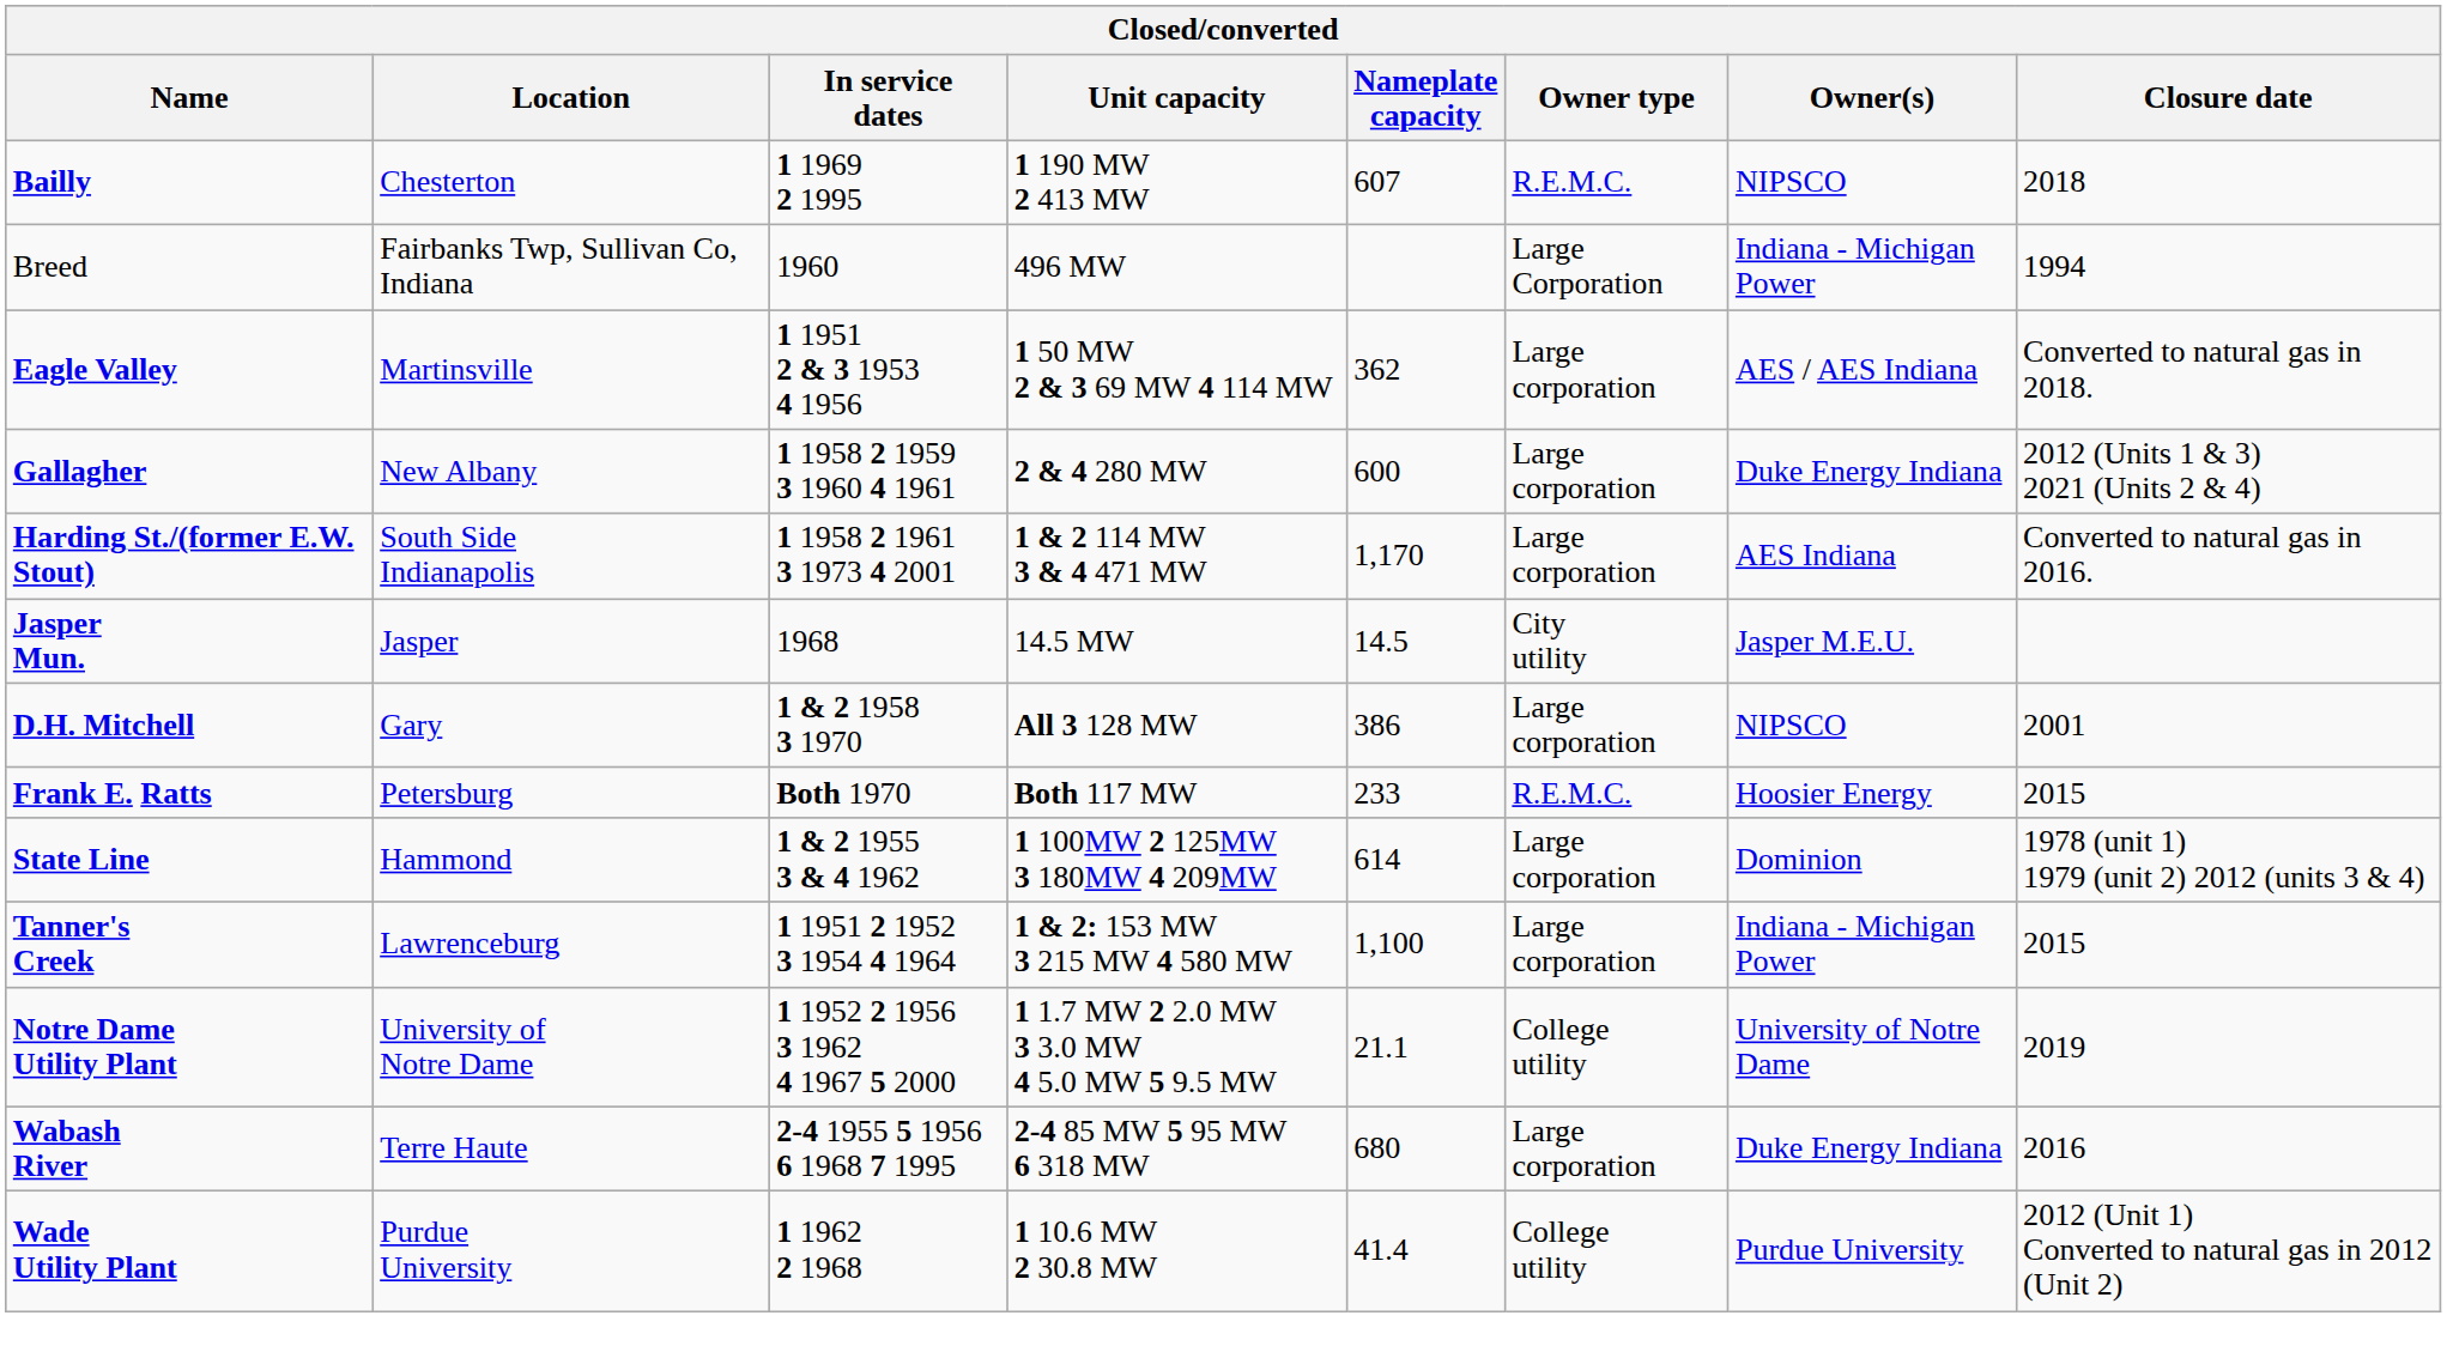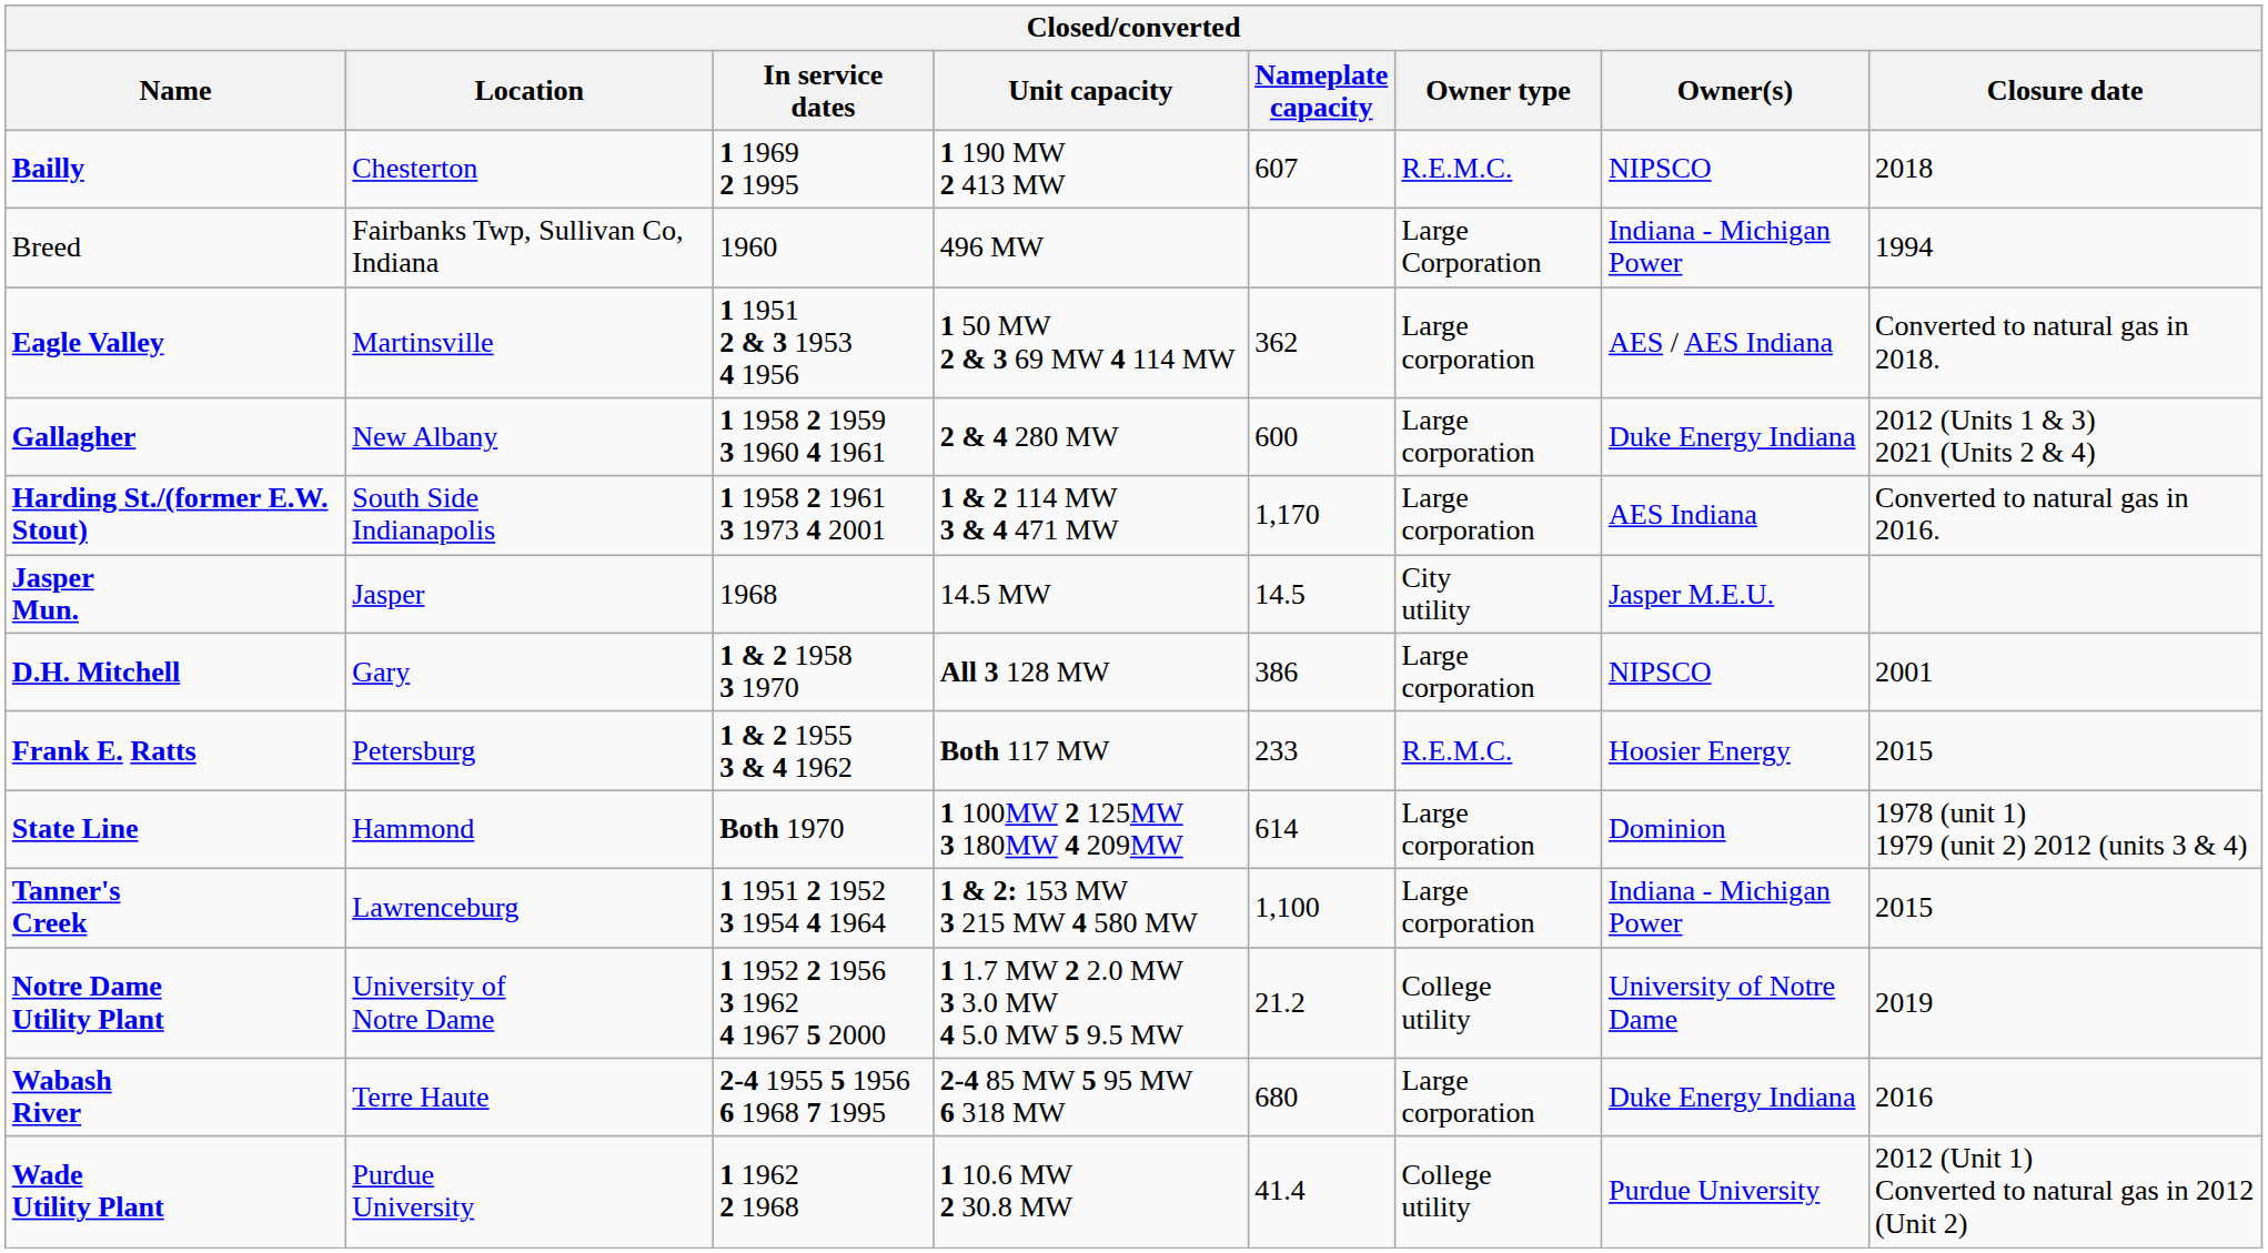 <table class="wikitable">
 <tr>
 <th colspan="8">Closed/converted</th>
 </tr>
 <tr>
 <th>Name</th>
 <th>Location</th>
 <th>In service<br>dates</th>
 <th>Unit capacity</th>
 <th><a href='#'>Nameplate</a><br><a href='#'>capacity</a></th>
 <th>Owner type</th>
 <th>Owner(s)</th>
 <th>Closure date</th>
 </tr>
 <tr>
 <td><strong><a href='#'>Bailly</a></strong></td>
 <td><a href='#'>Chesterton</a></td>
 <td><strong>1</strong> 1969<br><strong>2</strong> 1995</td>
 <td><strong>1</strong> 190 MW<br><strong>2</strong> 413 MW</td>
 <td>607</td>
 <td><a href='#'>R.E.M.C.</a></td>
 <td><a href='#'>NIPSCO</a></td>
 <td>2018</td>
 </tr>
 <tr>
 <td>Breed</td>
 <td>Fairbanks Twp, Sullivan Co, Indiana</td>
 <td>1960</td>
 <td>496 MW</td>
 <td></td>
 <td>Large Corporation</td>
 <td><a href='#'>Indiana - Michigan Power</a></td>
 <td>1994</td>
 </tr>
 <tr>
 <td><strong><a href='#'>Eagle Valley</a></strong></td>
 <td><a href='#'>Martinsville</a></td>
 <td><strong>1</strong> 1951 <br> <strong>2 & 3</strong> 1953 <strong>4</strong> 1956</td>
 <td><strong>1</strong> 50 MW <br> <strong>2 & 3</strong> 69 MW <strong>4</strong> 114 MW</td>
 <td>362</td>
 <td>Large <br> corporation</td>
 <td><a href='#'>AES</a> / <a href='#'>AES Indiana</a></td>
 <td>Converted to natural gas in 2018.</td>
 </tr>
 <tr>
 <td><strong><a href='#'>Gallagher</a></strong></td>
 <td><a href='#'>New Albany</a></td>
 <td><strong>1</strong> 1958 <strong>2</strong> 1959<br><strong>3</strong> 1960 <strong>4</strong> 1961</td>
 <td><strong>2 & 4</strong> 280 MW</td>
 <td>600</td>
 <td>Large<br>corporation</td>
 <td><a href='#'>Duke Energy Indiana</a></td>
 <td>2012 (Units 1 & 3)<br>2021 (Units 2 & 4)</td>
 </tr>
 <tr>
 <td><strong><a href='#'>Harding St./(former E.W. Stout)</a></strong></td>
 <td><a href='#'>South Side</a><br><a href='#'>Indianapolis</a></td>
 <td><strong>1</strong> 1958 <strong>2</strong> 1961<br><strong>3</strong> 1973 <strong>4</strong> 2001</td>
 <td><strong>1 & 2</strong> 114 MW<br><strong>3 & 4</strong> 471 MW</td>
 <td>1,170</td>
 <td>Large<br>corporation</td>
 <td><a href='#'>AES Indiana</a></td>
 <td>Converted to natural gas in 2016.</td>
 </tr>
 <tr>
 <td><strong><a href='#'>Jasper</a></strong><br><strong><a href='#'>Mun.</a></strong></td>
 <td><a href='#'>Jasper</a></td>
 <td>1968</td>
 <td>14.5 MW</td>
 <td>14.5</td>
 <td>City<br>utility</td>
 <td><a href='#'>Jasper M.E.U.</a></td>
 <td></td>
 </tr>
 <tr>
 <td><strong><a href='#'>D.H. Mitchell</a></strong></td>
 <td><a href='#'>Gary</a></td>
 <td><strong>1 & 2</strong> 1958<br><strong>3</strong> 1970</td>
 <td><strong>All 3</strong> 128 MW</td>
 <td>386</td>
 <td>Large<br>corporation</td>
 <td><a href='#'>NIPSCO</a></td>
 <td>2001</td>
 </tr>
 <tr>
 <td><strong><a href='#'>Frank E.</a></strong> <strong><a href='#'>Ratts</a></strong></td>
 <td><a href='#'>Petersburg</a></td>
-<td><strong>Both</strong> 1970</td>
+<td><strong>1 & 2</strong> 1955<br><strong>3 & 4</strong> 1962</td>
 <td><strong>Both</strong> 117 MW</td>
 <td>233</td>
 <td><a href='#'>R.E.M.C.</a></td>
 <td><a href='#'>Hoosier Energy</a></td>
 <td>2015</td>
 </tr>
 <tr>
 <td><strong><a href='#'>State Line</a></strong></td>
 <td><a href='#'>Hammond</a></td>
-<td><strong>1 & 2</strong> 1955<br><strong>3 & 4</strong> 1962</td>
+<td><strong>Both</strong> 1970</td>
 <td><strong>1</strong> 100<a href='#'>MW</a> <strong>2</strong> 125<a href='#'>MW</a><br><strong>3</strong> 180<a href='#'>MW</a> <strong>4</strong> 209<a href='#'>MW</a></td>
 <td>614</td>
 <td>Large<br>corporation</td>
 <td><a href='#'>Dominion</a></td>
 <td>1978 (unit 1)<br>1979 (unit 2) 2012 (units 3 & 4)</td>
 </tr>
 <tr>
 <td><strong><a href='#'>Tanner's</a></strong><br><strong><a href='#'>Creek</a></strong></td>
 <td><a href='#'>Lawrenceburg</a></td>
 <td><strong>1</strong> 1951 <strong>2</strong> 1952<br><strong>3</strong> 1954 <strong>4</strong> 1964</td>
 <td><strong>1 & 2:</strong> 153 MW<br><strong>3</strong> 215 MW <strong>4</strong> 580 MW</td>
 <td>1,100</td>
 <td>Large<br>corporation</td>
 <td><a href='#'>Indiana - Michigan Power</a></td>
 <td>2015</td>
 </tr>
 <tr>
 <td><strong><a href='#'>Notre Dame</a></strong><br><strong><a href='#'>Utility Plant</a></strong></td>
 <td><a href='#'>University of</a><br><a href='#'>Notre Dame</a></td>
 <td><strong>1</strong> 1952 <strong>2</strong> 1956 <strong>3</strong> 1962<br><strong>4</strong> 1967 <strong>5</strong> 2000</td>
 <td><strong>1</strong> 1.7 MW <strong>2</strong> 2.0 MW <strong>3</strong> 3.0 MW<br><strong>4</strong> 5.0 MW <strong>5</strong> 9.5 MW</td>
-<td>21.1</td>
+<td>21.2</td>
 <td>College<br>utility</td>
 <td><a href='#'>University of Notre Dame</a></td>
 <td>2019</td>
 </tr>
 <tr>
 <td><strong><a href='#'>Wabash</a></strong><br><strong><a href='#'>River</a></strong></td>
 <td><a href='#'>Terre Haute</a></td>
 <td><strong>2-4</strong> 1955 <strong>5</strong> 1956<br><strong>6</strong> 1968 <strong>7</strong> 1995</td>
 <td><strong>2-4</strong> 85 MW <strong>5</strong> 95 MW<br><strong>6</strong> 318 MW</td>
 <td>680</td>
 <td>Large<br>corporation</td>
 <td><a href='#'>Duke Energy Indiana</a></td>
 <td>2016</td>
 </tr>
 <tr>
 <td><strong><a href='#'>Wade</a></strong><br><strong><a href='#'>Utility Plant</a></strong></td>
 <td><a href='#'>Purdue</a><br><a href='#'>University</a></td>
 <td><strong>1</strong> 1962<br><strong>2</strong> 1968</td>
 <td><strong>1</strong> 10.6 MW<br><strong>2</strong> 30.8 MW</td>
 <td>41.4</td>
 <td>College<br>utility</td>
 <td><a href='#'>Purdue University</a></td>
 <td>2012 (Unit 1)<br>Converted to natural gas in 2012 (Unit 2)</td>
 </tr>
 </table>
